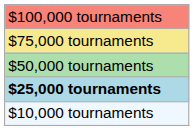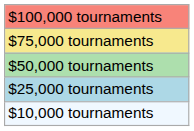 <table class="wikitable"  style="font-size:85%; width:13%;">
 <tr style="background:#f88379;">
 <td>$100,000 tournaments</td>
 </tr>
 <tr style="background:#f7e98e;">
 <td>$75,000 tournaments</td>
 </tr>
 <tr style="background:#addfad;">
 <td>$50,000 tournaments</td>
 </tr>
 <tr style="background:lightblue;">
-<td><strong>$25,000 tournaments</strong></td>
+<td>$25,000 tournaments</td>
 </tr>
 <tr style="background:#f0f8ff;">
 <td>$10,000 tournaments</td>
 </tr>
 </table>
